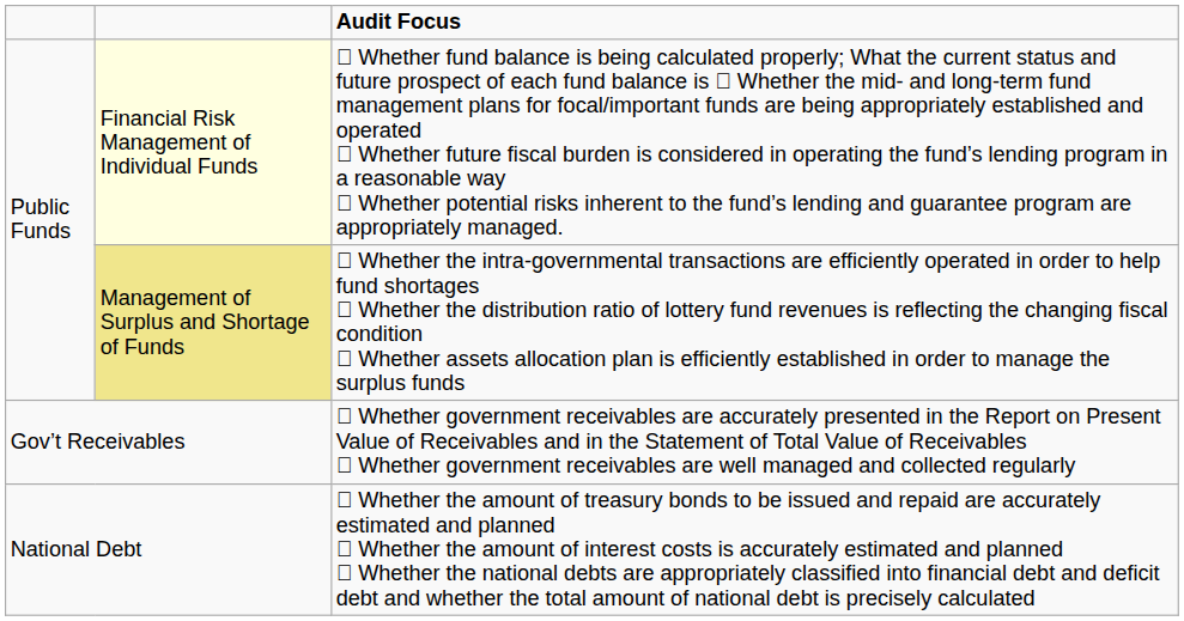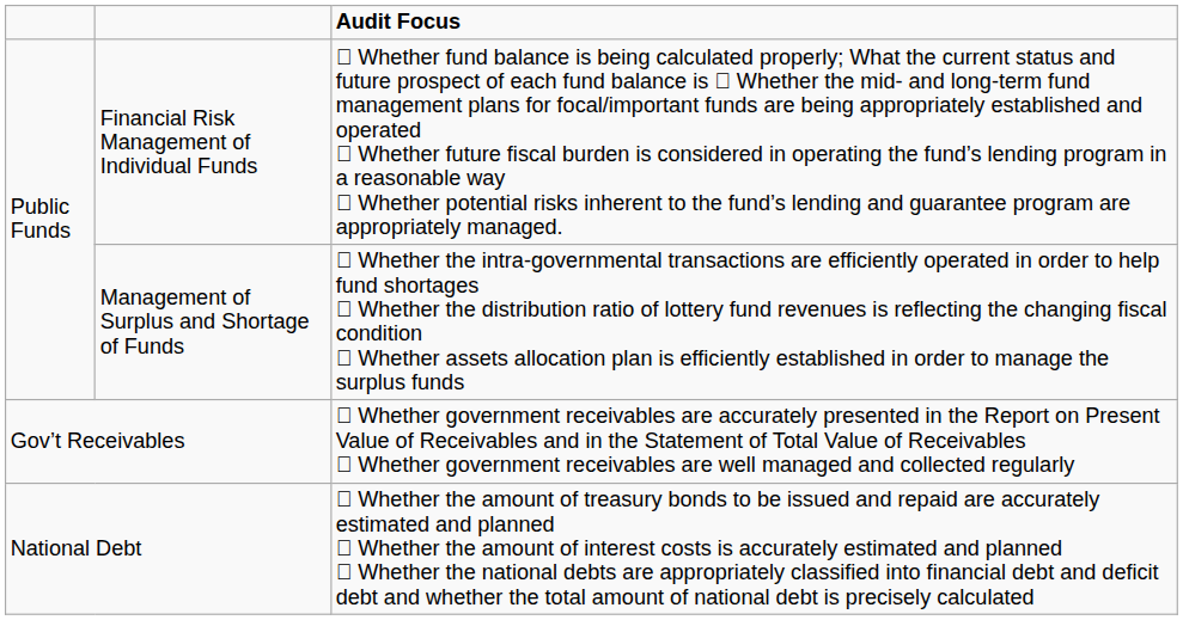 <table class="wikitable">
 <tr>
 <td></td>
 <td></td>
 <td><strong>Audit Focus</strong></td>
 </tr>
 <tr>
 <td rowspan="2">Public Funds</td>
-<td style="background: lightyellow;">Financial  Risk Management of Individual Funds</td>
+<td>Financial  Risk Management of Individual Funds</td>
 <td> Whether  fund balance is being calculated properly; What the current status and future  prospect of each fund balance is  Whether the mid- and long-term fund  management plans for focal/important funds are being appropriately  established and operated<br> Whether future fiscal burden is considered  in operating the fund’s lending program in a reasonable way<br> Whether potential risks inherent to the  fund’s lending and guarantee program are appropriately managed.</td>
 </tr>
 <tr>
-<td style="background: khaki;">Management of  Surplus and Shortage of Funds</td>
+<td>Management of  Surplus and Shortage of Funds</td>
 <td> Whether the  intra-governmental transactions are efficiently operated in order to help  fund shortages<br> Whether the  distribution ratio of lottery fund revenues is reflecting the changing fiscal  condition<br> Whether assets  allocation plan is efficiently established in order to manage the surplus  funds</td>
 </tr>
 <tr>
 <td colspan="2">Gov’t  Receivables</td>
 <td> Whether  government receivables are accurately presented in the Report on Present  Value of Receivables and in the Statement of Total Value of Receivables<br> Whether  government receivables are well managed and collected regularly</td>
 </tr>
 <tr>
 <td colspan="2">National Debt</td>
 <td> Whether the  amount of treasury bonds to be issued and repaid are accurately estimated and  planned<br> Whether the  amount of interest costs is accurately estimated and planned<br> Whether the national debts are  appropriately classified into financial debt and deficit debt and whether the  total amount of national debt is precisely calculated</td>
 </tr>
 </table>
